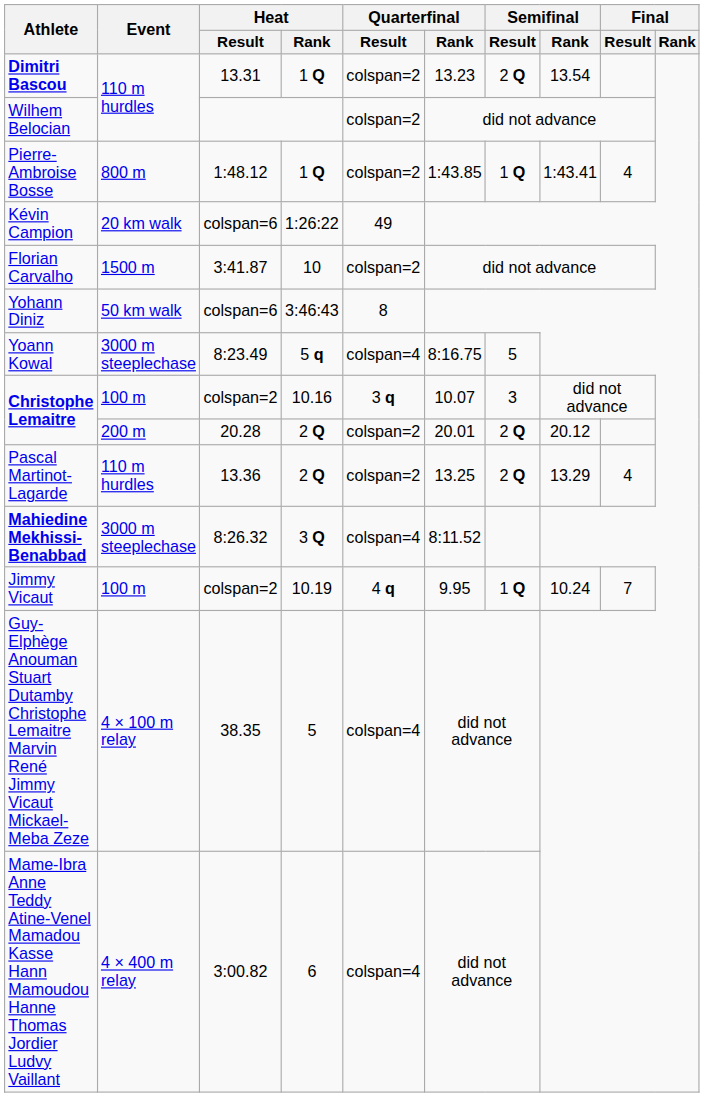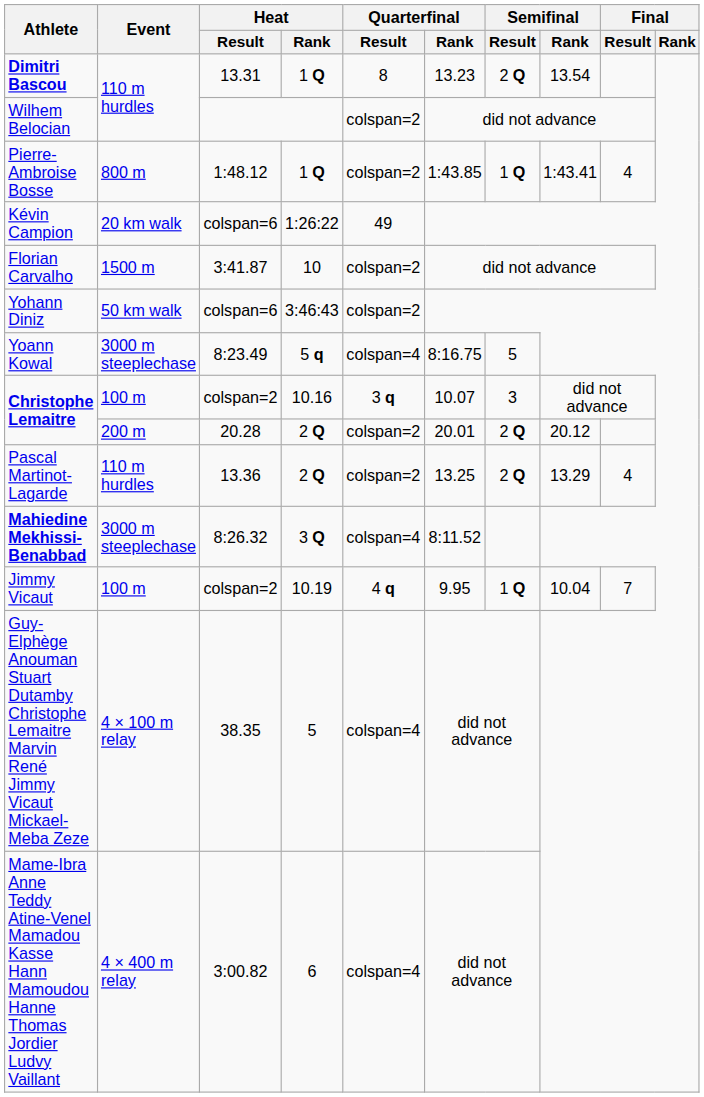 <table class="wikitable" style="font-size:90%">
 <tr>
 <th rowspan="2">Athlete</th>
 <th rowspan="2">Event</th>
 <th colspan="2">Heat</th>
 <th colspan="2">Quarterfinal</th>
 <th colspan="2">Semifinal</th>
 <th colspan="2">Final</th>
 </tr>
 <tr style="font-size:95%">
 <th>Result</th>
 <th>Rank</th>
 <th>Result</th>
 <th>Rank</th>
 <th>Result</th>
 <th>Rank</th>
 <th>Result</th>
 <th>Rank</th>
 </tr>
 <tr align=center>
 <td align=left><strong><a href='#'>Dimitri Bascou</a></strong></td>
 <td style="text-align:left;" rowspan="2"><a href='#'>110 m hurdles</a></td>
 <td>13.31</td>
 <td>1 <strong>Q</strong></td>
-<td>colspan=2 </td>
+<td>8</td>
 <td>13.23</td>
 <td>2 <strong>Q</strong></td>
 <td>13.54</td>
 <td></td>
 </tr>
 <tr align=center>
 <td align=left><a href='#'>Wilhem Belocian</a></td>
 <td colspan=2></td>
 <td>colspan=2 </td>
 <td colspan=4>did not advance</td>
 </tr>
 <tr align=center>
 <td align=left><a href='#'>Pierre-Ambroise Bosse</a></td>
 <td align=left><a href='#'>800 m</a></td>
 <td>1:48.12</td>
 <td>1 <strong>Q</strong></td>
 <td>colspan=2 </td>
 <td>1:43.85</td>
 <td>1 <strong>Q</strong></td>
 <td>1:43.41</td>
 <td>4</td>
 </tr>
 <tr align=center>
 <td align=left><a href='#'>Kévin Campion</a></td>
 <td align=left><a href='#'>20 km walk</a></td>
 <td>colspan=6 </td>
 <td>1:26:22</td>
 <td>49</td>
 </tr>
 <tr align=center>
 <td align=left><a href='#'>Florian Carvalho</a></td>
 <td align=left><a href='#'>1500 m</a></td>
 <td>3:41.87</td>
 <td>10</td>
 <td>colspan=2 </td>
 <td colspan=4>did not advance</td>
 </tr>
 <tr align=center>
 <td align=left><a href='#'>Yohann Diniz</a></td>
 <td align=left><a href='#'>50 km walk</a></td>
 <td>colspan=6 </td>
 <td>3:46:43</td>
-<td>8</td>
+<td>colspan=2 </td>
 </tr>
 <tr align=center>
 <td align=left><a href='#'>Yoann Kowal</a></td>
 <td align=left><a href='#'>3000 m steeplechase</a></td>
 <td>8:23.49</td>
 <td>5 <strong>q</strong></td>
 <td>colspan=4 </td>
 <td>8:16.75</td>
 <td>5</td>
 </tr>
 <tr align=center>
 <td style="text-align:left;" rowspan="2"><strong><a href='#'>Christophe Lemaitre</a></strong></td>
 <td align=left><a href='#'>100 m</a></td>
 <td>colspan=2 </td>
 <td>10.16</td>
 <td>3 <strong>q</strong></td>
 <td>10.07</td>
 <td>3</td>
 <td colspan=2>did not advance</td>
 </tr>
 <tr align=center>
 <td align=left><a href='#'>200 m</a></td>
 <td>20.28</td>
 <td>2 <strong>Q</strong></td>
 <td>colspan=2 </td>
 <td>20.01</td>
 <td>2 <strong>Q</strong></td>
 <td>20.12</td>
 <td></td>
 </tr>
 <tr align=center>
 <td align=left><a href='#'>Pascal Martinot-Lagarde</a></td>
 <td align=left><a href='#'>110 m hurdles</a></td>
 <td>13.36</td>
 <td>2 <strong>Q</strong></td>
 <td>colspan=2 </td>
 <td>13.25</td>
 <td>2 <strong>Q</strong></td>
 <td>13.29</td>
 <td>4</td>
 </tr>
 <tr align=center>
 <td align=left><strong><a href='#'>Mahiedine Mekhissi-Benabbad</a></strong></td>
 <td align=left><a href='#'>3000 m steeplechase</a></td>
 <td>8:26.32</td>
 <td>3 <strong>Q</strong></td>
 <td>colspan=4 </td>
 <td>8:11.52</td>
 <td></td>
 </tr>
 <tr align=center>
 <td align=left><a href='#'>Jimmy Vicaut</a></td>
 <td align=left><a href='#'>100 m</a></td>
 <td>colspan=2 </td>
 <td>10.19</td>
 <td>4 <strong>q</strong></td>
 <td>9.95</td>
 <td>1 <strong>Q</strong></td>
-<td>10.24</td>
+<td>10.04</td>
 <td>7</td>
 </tr>
 <tr align=center>
 <td align=left><a href='#'>Guy-Elphège Anouman</a><br><a href='#'>Stuart Dutamby</a><br><a href='#'>Christophe Lemaitre</a><br><a href='#'>Marvin René</a><br><a href='#'>Jimmy Vicaut</a><br><a href='#'>Mickael-Meba Zeze</a></td>
 <td align=left><a href='#'>4 × 100 m relay</a></td>
 <td>38.35</td>
 <td>5</td>
 <td>colspan=4 </td>
 <td colspan=2>did not advance</td>
 </tr>
 <tr align=center>
 <td align=left><a href='#'>Mame-Ibra Anne</a><br><a href='#'>Teddy Atine-Venel</a><br><a href='#'>Mamadou Kasse Hann</a><br><a href='#'>Mamoudou Hanne</a><br><a href='#'>Thomas Jordier</a><br><a href='#'>Ludvy Vaillant</a></td>
 <td align=left><a href='#'>4 × 400 m relay</a></td>
 <td>3:00.82</td>
 <td>6</td>
 <td>colspan=4 </td>
 <td colspan=2>did not advance</td>
 </tr>
 </table>
